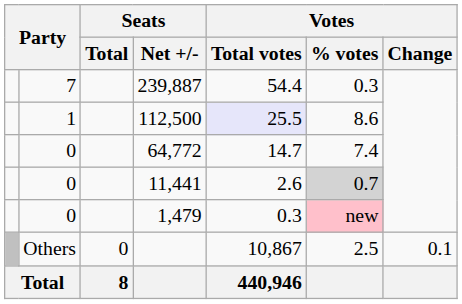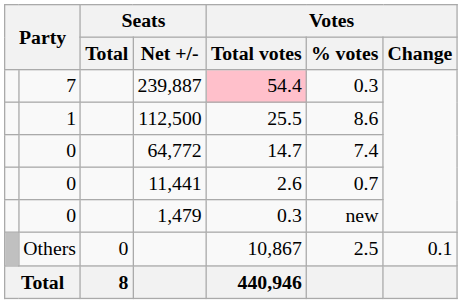 <table class="wikitable" style="text-align:right; font-size:95%;">
 <tr>
 <th colspan="2" rowspan="2">Party</th>
 <th colspan="2">Seats</th>
 <th colspan="3">Votes</th>
 </tr>
 <tr>
 <th>Total</th>
 <th>Net +/-</th>
 <th>Total votes</th>
 <th>% votes</th>
 <th>Change</th>
 </tr>
 <tr>
 <td></td>
 <td>7</td>
 <td></td>
 <td>239,887</td>
-<td>54.4</td>
+<td style="background: pink;">54.4</td>
 <td>0.3</td>
 </tr>
 <tr>
 <td></td>
 <td>1</td>
 <td></td>
 <td>112,500</td>
-<td style="background: lavender;">25.5</td>
+<td>25.5</td>
 <td>8.6</td>
 </tr>
 <tr>
 <td></td>
 <td>0</td>
 <td></td>
 <td>64,772</td>
 <td>14.7</td>
 <td>7.4</td>
 </tr>
 <tr>
 <td></td>
 <td>0</td>
 <td></td>
 <td>11,441</td>
 <td>2.6</td>
-<td style="background: lightgrey;">0.7</td>
+<td>0.7</td>
 </tr>
 <tr>
 <td></td>
 <td>0</td>
 <td></td>
 <td>1,479</td>
 <td>0.3</td>
-<td style="background: pink;">new</td>
+<td>new</td>
 </tr>
 <tr>
 <td style="background:silver;"> </td>
 <td align=left>Others</td>
 <td>0</td>
 <td></td>
 <td>10,867</td>
 <td>2.5</td>
 <td>0.1</td>
 </tr>
 <tr>
 <th colspan="2" style="background:#f2f2f2">Total</th>
 <td style="background:#f2f2f2;"><strong>8</strong></td>
 <td style="background:#f2f2f2;"></td>
 <td style="background:#f2f2f2;"><strong>440,946</strong></td>
 <td style="background:#f2f2f2;"></td>
 <td style="background:#f2f2f2;"></td>
 </tr>
 </table>
